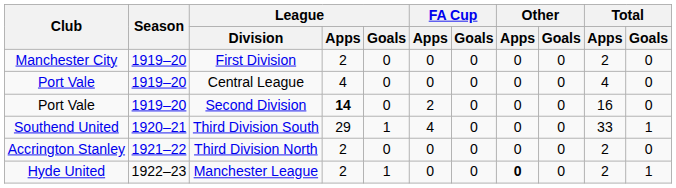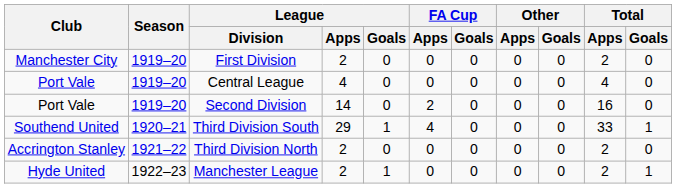 <table class="wikitable" style="text-align:center">
 <tr>
 <th rowspan="2">Club</th>
 <th rowspan="2">Season</th>
 <th colspan="3">League</th>
 <th colspan="2"><a href='#'>FA Cup</a></th>
 <th colspan="2">Other</th>
 <th colspan="2">Total</th>
 </tr>
 <tr>
 <th>Division</th>
 <th>Apps</th>
 <th>Goals</th>
 <th>Apps</th>
 <th>Goals</th>
 <th>Apps</th>
 <th>Goals</th>
 <th>Apps</th>
 <th>Goals</th>
 </tr>
 <tr>
 <td><a href='#'>Manchester City</a></td>
 <td><a href='#'>1919–20</a></td>
 <td><a href='#'>First Division</a></td>
 <td>2</td>
 <td>0</td>
 <td>0</td>
 <td>0</td>
 <td>0</td>
 <td>0</td>
 <td>2</td>
 <td>0</td>
 </tr>
 <tr>
 <td><a href='#'>Port Vale</a></td>
 <td><a href='#'>1919–20</a></td>
 <td>Central League</td>
 <td>4</td>
 <td>0</td>
 <td>0</td>
 <td>0</td>
 <td>0</td>
 <td>0</td>
 <td>4</td>
 <td>0</td>
 </tr>
 <tr>
 <td>Port Vale</td>
 <td><a href='#'>1919–20</a></td>
 <td><a href='#'>Second Division</a></td>
-<td><strong>14</strong></td>
+<td>14</td>
 <td>0</td>
 <td>2</td>
 <td>0</td>
 <td>0</td>
 <td>0</td>
 <td>16</td>
 <td>0</td>
 </tr>
 <tr>
 <td><a href='#'>Southend United</a></td>
 <td><a href='#'>1920–21</a></td>
 <td><a href='#'>Third Division South</a></td>
 <td>29</td>
 <td>1</td>
 <td>4</td>
 <td>0</td>
 <td>0</td>
 <td>0</td>
 <td>33</td>
 <td>1</td>
 </tr>
 <tr>
 <td><a href='#'>Accrington Stanley</a></td>
 <td><a href='#'>1921–22</a></td>
 <td><a href='#'>Third Division North</a></td>
 <td>2</td>
 <td>0</td>
 <td>0</td>
 <td>0</td>
 <td>0</td>
 <td>0</td>
 <td>2</td>
 <td>0</td>
 </tr>
 <tr>
 <td><a href='#'>Hyde United</a></td>
 <td>1922–23</td>
 <td><a href='#'>Manchester League</a></td>
 <td>2</td>
 <td>1</td>
 <td>0</td>
 <td>0</td>
-<td><strong>0</strong></td>
+<td>0</td>
 <td>0</td>
 <td>2</td>
 <td>1</td>
 </tr>
 </table>
